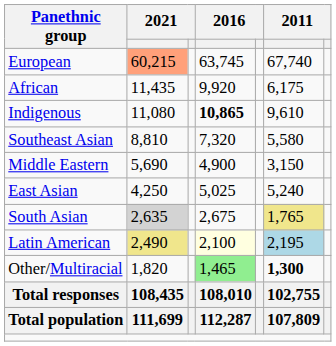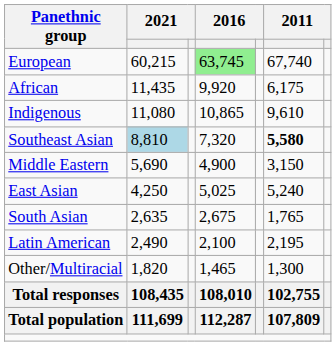 <table class="wikitable collapsible sortable">
 <tr>
 <th rowspan="2"><a href='#'>Panethnic</a><br>group</th>
 <th colspan="2">2021</th>
 <th colspan="2">2016</th>
 <th colspan="2">2011</th>
 </tr>
 <tr>
 <th><a href='#'></a></th>
 <th></th>
 <th></th>
 <th></th>
 <th></th>
 <th></th>
 </tr>
 <tr>
 <td><a href='#'>European</a></td>
-<td style="background: lightsalmon;">60,215</td>
+<td>60,215</td>
 <td></td>
-<td>63,745</td>
+<td style="background: lightgreen;">63,745</td>
 <td></td>
 <td>67,740</td>
 <td></td>
 </tr>
 <tr>
 <td><a href='#'>African</a></td>
 <td>11,435</td>
 <td></td>
 <td>9,920</td>
 <td></td>
 <td>6,175</td>
 <td></td>
 </tr>
 <tr>
 <td><a href='#'>Indigenous</a></td>
 <td>11,080</td>
 <td></td>
-<td><strong>10,865</strong></td>
+<td>10,865</td>
 <td></td>
 <td>9,610</td>
 <td></td>
 </tr>
 <tr>
 <td><a href='#'>Southeast Asian</a></td>
-<td>8,810</td>
+<td style="background: lightblue;">8,810</td>
 <td></td>
 <td>7,320</td>
 <td></td>
-<td>5,580</td>
+<td><strong>5,580</strong></td>
 <td></td>
 </tr>
 <tr>
 <td><a href='#'>Middle Eastern</a></td>
 <td>5,690</td>
 <td></td>
 <td>4,900</td>
 <td></td>
 <td>3,150</td>
 <td></td>
 </tr>
 <tr>
 <td><a href='#'>East Asian</a></td>
 <td>4,250</td>
 <td></td>
 <td>5,025</td>
 <td></td>
 <td>5,240</td>
 <td></td>
 </tr>
 <tr>
 <td><a href='#'>South Asian</a></td>
-<td style="background: lightgrey;">2,635</td>
+<td>2,635</td>
 <td></td>
 <td>2,675</td>
 <td></td>
-<td style="background: khaki;">1,765</td>
+<td>1,765</td>
 <td></td>
 </tr>
 <tr>
 <td><a href='#'>Latin American</a></td>
-<td style="background: khaki;">2,490</td>
+<td>2,490</td>
 <td></td>
-<td style="background: lightyellow;">2,100</td>
+<td>2,100</td>
 <td></td>
-<td style="background: lightblue;">2,195</td>
+<td>2,195</td>
 <td></td>
 </tr>
 <tr>
 <td>Other/<a href='#'>Multiracial</a></td>
 <td>1,820</td>
 <td></td>
-<td style="background: lightgreen;">1,465</td>
+<td>1,465</td>
 <td></td>
-<td><strong>1,300</strong></td>
+<td>1,300</td>
 <td></td>
 </tr>
 <tr>
 <th>Total responses</th>
 <th>108,435</th>
 <th></th>
 <th>108,010</th>
 <th></th>
 <th>102,755</th>
 <th></th>
 </tr>
 <tr>
 <th>Total population</th>
 <th>111,699</th>
 <th></th>
 <th>112,287</th>
 <th></th>
 <th>107,809</th>
 <th></th>
 </tr>
 <tr class="sortbottom">
 <td colspan="15"></td>
 </tr>
 </table>
